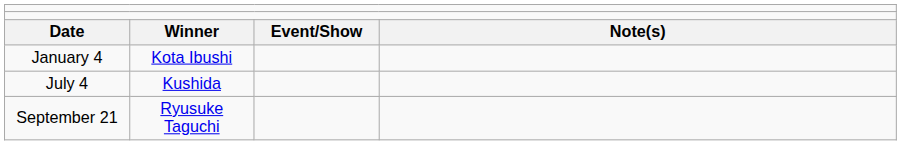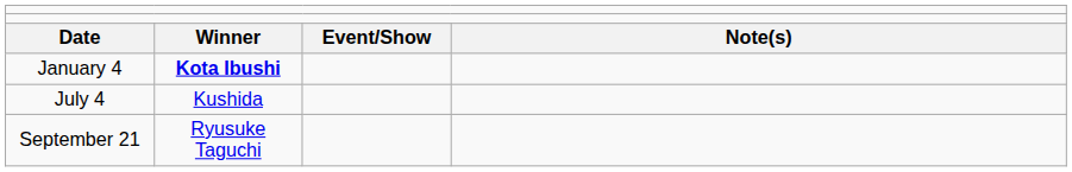 <table class="wikitable" style="text-align:center; width:100%;">
 <tr>
 <td colspan="5"></td>
 </tr>
 <tr>
 <td colspan="5"><strong></strong></td>
 </tr>
 <tr>
 <th width=14%>Date</th>
 <th width=14%>Winner</th>
 <th width=14%>Event/Show</th>
 <th width=58%>Note(s)</th>
 </tr>
 <tr>
 <td>January 4</td>
-<td><a href='#'>Kota Ibushi</a></td>
+<td><strong><a href='#'>Kota Ibushi</a></strong></td>
 <td></td>
 <td align=left></td>
 </tr>
 <tr>
 <td>July 4</td>
 <td><a href='#'>Kushida</a></td>
 <td></td>
 <td align=left></td>
 </tr>
 <tr>
 <td>September 21</td>
 <td><a href='#'>Ryusuke Taguchi</a></td>
 <td></td>
 <td align=left></td>
 </tr>
 </table>
